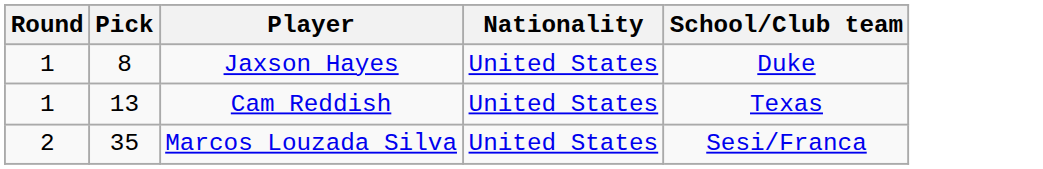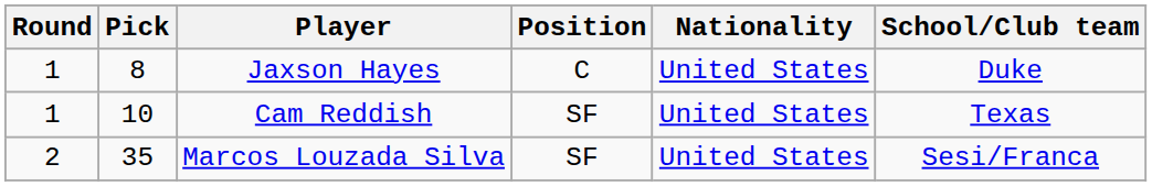 <table class="wikitable sortable sortable">
 <tr>
 <th>Round</th>
 <th>Pick</th>
 <th>Player</th>
+<th>Position</th>
 <th>Nationality</th>
 <th>School/Club team</th>
 </tr>
 <tr style="text-align: center">
 <td>1</td>
 <td>8</td>
 <td><a href='#'>Jaxson Hayes</a></td>
+<td>C</td>
 <td> <a href='#'>United States</a></td>
 <td><a href='#'>Duke</a></td>
 </tr>
 <tr style="text-align: center">
 <td>1</td>
-<td>13</td>
+<td>10</td>
 <td><a href='#'>Cam Reddish</a></td>
+<td>SF</td>
 <td> <a href='#'>United States</a></td>
 <td><a href='#'>Texas</a></td>
 </tr>
 <tr style="text-align: center">
 <td>2</td>
 <td>35</td>
 <td><a href='#'>Marcos Louzada Silva</a></td>
+<td>SF</td>
 <td> <a href='#'>United States</a></td>
 <td><a href='#'>Sesi/Franca</a></td>
 </tr>
 </table>
